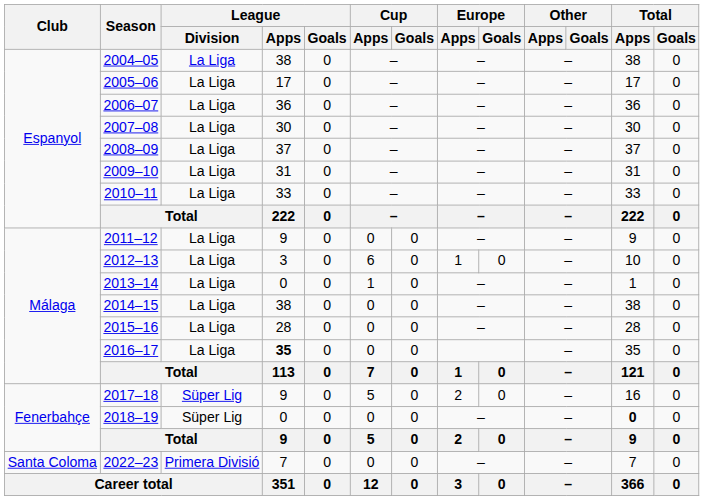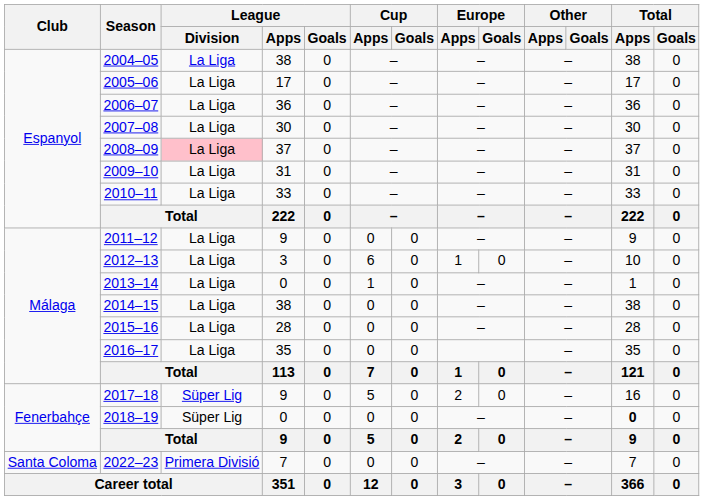 <table class="wikitable" style="text-align:center">
 <tr>
 <th rowspan="2">Club</th>
 <th rowspan="2">Season</th>
 <th colspan="3">League</th>
 <th colspan="2">Cup</th>
 <th colspan="2">Europe</th>
 <th colspan="2">Other</th>
 <th colspan="2">Total</th>
 </tr>
 <tr>
 <th>Division</th>
 <th>Apps</th>
 <th>Goals</th>
 <th>Apps</th>
 <th>Goals</th>
 <th>Apps</th>
 <th>Goals</th>
 <th>Apps</th>
 <th>Goals</th>
 <th>Apps</th>
 <th>Goals</th>
 </tr>
 <tr>
 <td rowspan="8"><a href='#'>Espanyol</a></td>
 <td><a href='#'>2004–05</a></td>
 <td><a href='#'>La Liga</a></td>
 <td>38</td>
 <td>0</td>
 <td colspan="2">–</td>
 <td colspan="2">–</td>
 <td colspan="2">–</td>
 <td>38</td>
 <td>0</td>
 </tr>
 <tr>
 <td><a href='#'>2005–06</a></td>
 <td>La Liga</td>
 <td>17</td>
 <td>0</td>
 <td colspan="2">–</td>
 <td colspan="2">–</td>
 <td colspan="2">–</td>
 <td>17</td>
 <td>0</td>
 </tr>
 <tr>
 <td><a href='#'>2006–07</a></td>
 <td>La Liga</td>
 <td>36</td>
 <td>0</td>
 <td colspan="2">–</td>
 <td colspan="2">–</td>
 <td colspan="2">–</td>
 <td>36</td>
 <td>0</td>
 </tr>
 <tr>
 <td><a href='#'>2007–08</a></td>
 <td>La Liga</td>
 <td>30</td>
 <td>0</td>
 <td colspan="2">–</td>
 <td colspan="2">–</td>
 <td colspan="2">–</td>
 <td>30</td>
 <td>0</td>
 </tr>
 <tr>
 <td><a href='#'>2008–09</a></td>
-<td>La Liga</td>
+<td style="background: pink;">La Liga</td>
 <td>37</td>
 <td>0</td>
 <td colspan="2">–</td>
 <td colspan="2">–</td>
 <td colspan="2">–</td>
 <td>37</td>
 <td>0</td>
 </tr>
 <tr>
 <td><a href='#'>2009–10</a></td>
 <td>La Liga</td>
 <td>31</td>
 <td>0</td>
 <td colspan="2">–</td>
 <td colspan="2">–</td>
 <td colspan="2">–</td>
 <td>31</td>
 <td>0</td>
 </tr>
 <tr>
 <td><a href='#'>2010–11</a></td>
 <td>La Liga</td>
 <td>33</td>
 <td>0</td>
 <td colspan="2">–</td>
 <td colspan="2">–</td>
 <td colspan="2">–</td>
 <td>33</td>
 <td>0</td>
 </tr>
 <tr>
 <th colspan="2">Total</th>
 <th>222</th>
 <th>0</th>
 <th colspan="2">–</th>
 <th colspan="2">–</th>
 <th colspan="2">–</th>
 <th>222</th>
 <th>0</th>
 </tr>
 <tr>
 <td rowspan="7"><a href='#'>Málaga</a></td>
 <td><a href='#'>2011–12</a></td>
 <td>La Liga</td>
 <td>9</td>
 <td>0</td>
 <td>0</td>
 <td>0</td>
 <td colspan="2">–</td>
 <td colspan="2">–</td>
 <td>9</td>
 <td>0</td>
 </tr>
 <tr>
 <td><a href='#'>2012–13</a></td>
 <td>La Liga</td>
 <td>3</td>
 <td>0</td>
 <td>6</td>
 <td>0</td>
 <td>1</td>
 <td>0</td>
 <td colspan="2">–</td>
 <td>10</td>
 <td>0</td>
 </tr>
 <tr>
 <td><a href='#'>2013–14</a></td>
 <td>La Liga</td>
 <td>0</td>
 <td>0</td>
 <td>1</td>
 <td>0</td>
 <td colspan="2">–</td>
 <td colspan="2">–</td>
 <td>1</td>
 <td>0</td>
 </tr>
 <tr>
 <td><a href='#'>2014–15</a></td>
 <td>La Liga</td>
 <td>38</td>
 <td>0</td>
 <td>0</td>
 <td>0</td>
 <td colspan="2">–</td>
 <td colspan="2">–</td>
 <td>38</td>
 <td>0</td>
 </tr>
 <tr>
 <td><a href='#'>2015–16</a></td>
 <td>La Liga</td>
 <td>28</td>
 <td>0</td>
 <td>0</td>
 <td>0</td>
 <td colspan="2">–</td>
 <td colspan="2">–</td>
 <td>28</td>
 <td>0</td>
 </tr>
 <tr>
 <td><a href='#'>2016–17</a></td>
 <td>La Liga</td>
-<td><strong>35</strong></td>
+<td>35</td>
 <td>0</td>
 <td>0</td>
 <td>0</td>
 <td colspan="2"></td>
 <td colspan="2">–</td>
 <td>35</td>
 <td>0</td>
 </tr>
 <tr>
 <th colspan="2">Total</th>
 <th>113</th>
 <th>0</th>
 <th>7</th>
 <th>0</th>
 <th>1</th>
 <th>0</th>
 <th colspan="2">–</th>
 <th>121</th>
 <th>0</th>
 </tr>
 <tr>
 <td rowspan="3"><a href='#'>Fenerbahçe</a></td>
 <td><a href='#'>2017–18</a></td>
 <td><a href='#'>Süper Lig</a></td>
 <td>9</td>
 <td>0</td>
 <td>5</td>
 <td>0</td>
 <td>2</td>
 <td>0</td>
 <td colspan="2">–</td>
 <td>16</td>
 <td>0</td>
 </tr>
 <tr>
 <td><a href='#'>2018–19</a></td>
 <td>Süper Lig</td>
 <td>0</td>
 <td>0</td>
 <td>0</td>
 <td>0</td>
 <td colspan="2">–</td>
 <td colspan="2">–</td>
 <td><strong>0</strong></td>
 <td>0</td>
 </tr>
 <tr>
 <th colspan="2">Total</th>
 <th>9</th>
 <th>0</th>
 <th>5</th>
 <th>0</th>
 <th>2</th>
 <th>0</th>
 <th colspan="2">–</th>
 <th>9</th>
 <th>0</th>
 </tr>
 <tr>
 <td><a href='#'>Santa Coloma</a></td>
 <td><a href='#'>2022–23</a></td>
 <td><a href='#'>Primera Divisió</a></td>
 <td>7</td>
 <td>0</td>
 <td>0</td>
 <td>0</td>
 <td colspan="2">–</td>
 <td colspan="2">–</td>
 <td>7</td>
 <td>0</td>
 </tr>
 <tr>
 <th colspan="3">Career total</th>
 <th>351</th>
 <th>0</th>
 <th>12</th>
 <th>0</th>
 <th>3</th>
 <th>0</th>
 <th colspan="2">–</th>
 <th>366</th>
 <th>0</th>
 </tr>
 </table>
